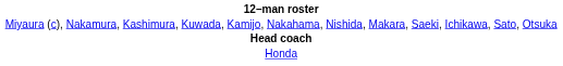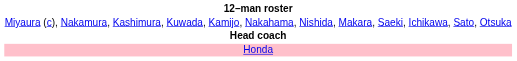 <table style="text-align:center; margin-top:2em; margin-left:auto; margin-right:auto">
 <tr>
 <td><strong>12–man roster</strong></td>
 </tr>
 <tr>
 <td><a href='#'>Miyaura</a> (<a href='#'>c</a>), <a href='#'>Nakamura</a>, <a href='#'>Kashimura</a>, <a href='#'>Kuwada</a>, <a href='#'>Kamijo</a>, <a href='#'>Nakahama</a>, <a href='#'>Nishida</a>, <a href='#'>Makara</a>, <a href='#'>Saeki</a>, <a href='#'>Ichikawa</a>, <a href='#'>Sato</a>, <a href='#'>Otsuka</a></td>
 </tr>
 <tr>
 <td><strong>Head coach</strong></td>
 </tr>
 <tr>
-<td><a href='#'>Honda</a></td>
+<td style="background: pink;"><a href='#'>Honda</a></td>
 </tr>
 </table>
